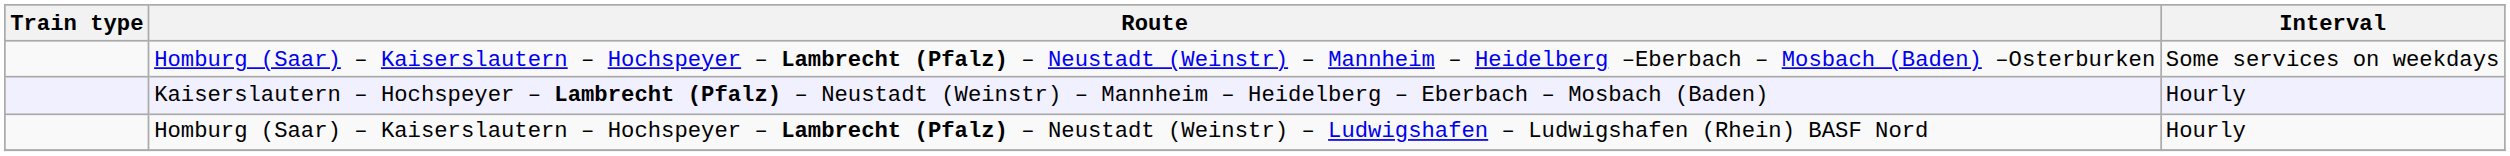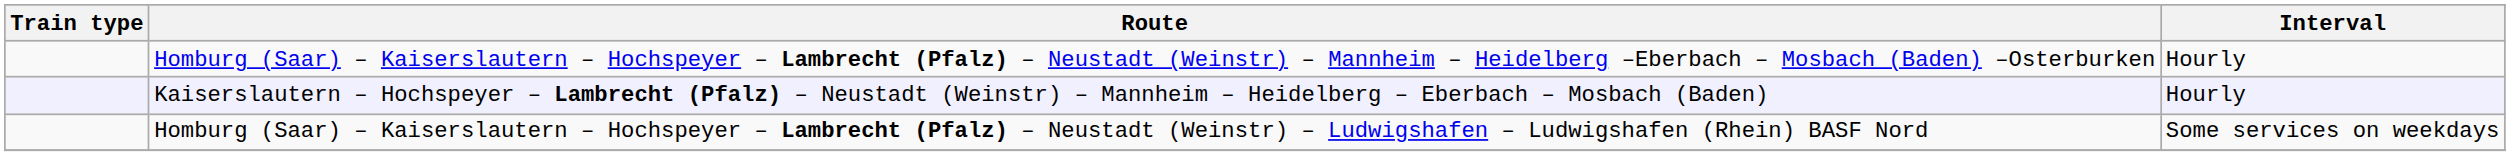 <table class="wikitable">
 <tr>
 <th>Train type</th>
 <th>Route</th>
 <th>Interval</th>
 </tr>
 <tr>
 <td></td>
 <td><a href='#'>Homburg (Saar)</a> – <a href='#'>Kaiserslautern</a> – <a href='#'>Hochspeyer</a> – <strong>Lambrecht (Pfalz)</strong> – <a href='#'>Neustadt (Weinstr)</a> – <a href='#'>Mannheim</a> – <a href='#'>Heidelberg</a> –Eberbach – <a href='#'>Mosbach (Baden)</a> –Osterburken</td>
-<td>Some services on weekdays</td>
+<td>Hourly</td>
 </tr>
 <tr bgcolor="#f0f0ff">
 <td></td>
 <td>Kaiserslautern – Hochspeyer – <strong>Lambrecht (Pfalz)</strong> – Neustadt (Weinstr) – Mannheim – Heidelberg – Eberbach – Mosbach (Baden)</td>
 <td>Hourly</td>
 </tr>
 <tr>
 <td></td>
 <td>Homburg (Saar) – Kaiserslautern – Hochspeyer – <strong>Lambrecht (Pfalz)</strong> – Neustadt (Weinstr) – <a href='#'>Ludwigshafen</a> – Ludwigshafen (Rhein) BASF Nord</td>
-<td>Hourly</td>
+<td>Some services on weekdays</td>
 </tr>
 <tr>
 </tr>
 </table>
